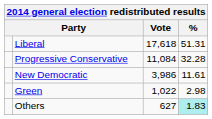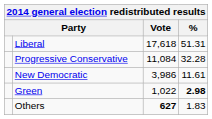 <table class="wikitable">
 <tr>
 <th colspan="4"><a href='#'>2014 general election</a> redistributed results</th>
 </tr>
 <tr>
 <th bgcolor="#DDDDFF" width="130px" colspan="2">Party</th>
 <th bgcolor="#DDDDFF" width="50px">Vote</th>
 <th bgcolor="#DDDDFF" width="30px">%</th>
 </tr>
 <tr>
 <td> </td>
 <td><a href='#'>Liberal</a></td>
 <td align=right>17,618</td>
 <td align=right>51.31</td>
 </tr>
 <tr>
 <td> </td>
 <td><a href='#'>Progressive Conservative</a></td>
 <td align=right>11,084</td>
 <td align=right>32.28</td>
 </tr>
 <tr>
 <td> </td>
 <td><a href='#'>New Democratic</a></td>
 <td align=right>3,986</td>
 <td align=right>11.61</td>
 </tr>
 <tr>
 <td> </td>
 <td><a href='#'>Green</a></td>
 <td align=right>1,022</td>
-<td align=right>2.98</td>
+<td align=right><strong>2.98</strong></td>
 </tr>
 <tr>
 <td> </td>
 <td>Others</td>
-<td align=right>627</td>
-<td align=right style="background: paleturquoise;">1.83</td>
+<td align=right><strong>627</strong></td>
+<td align=right>1.83</td>
 </tr>
 </table>
